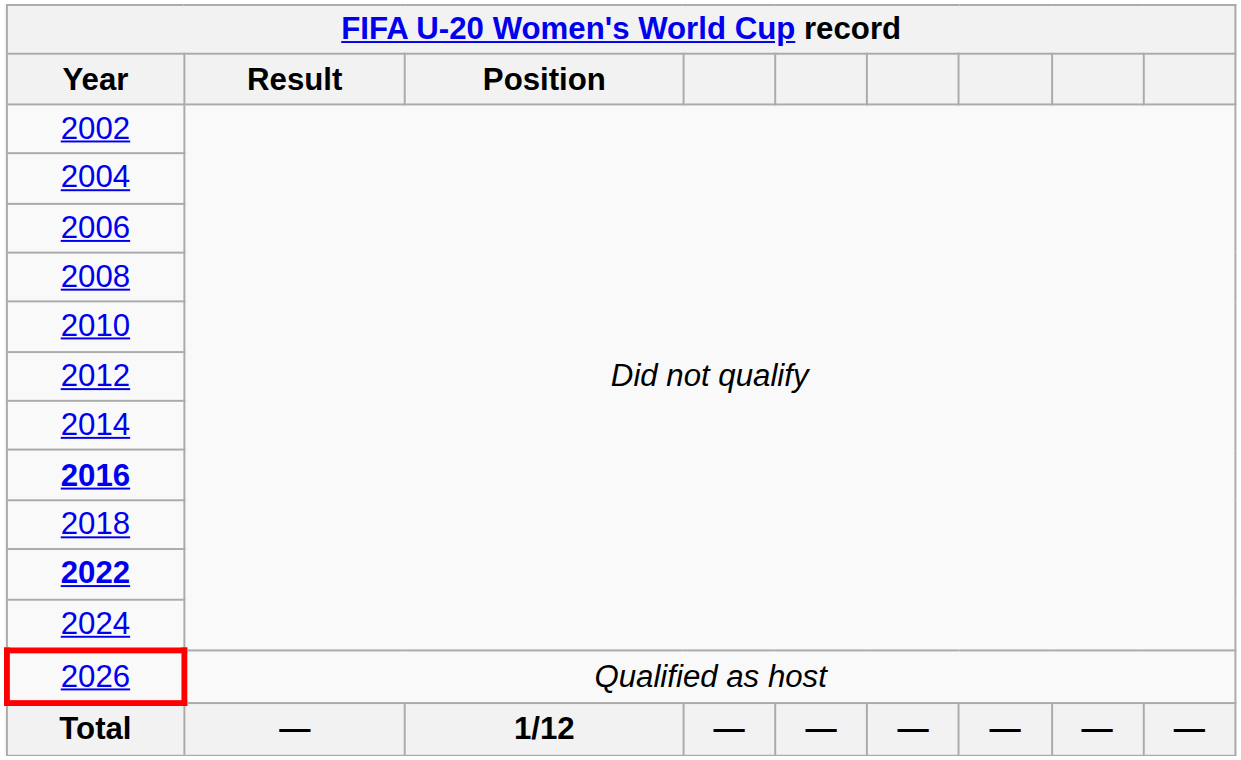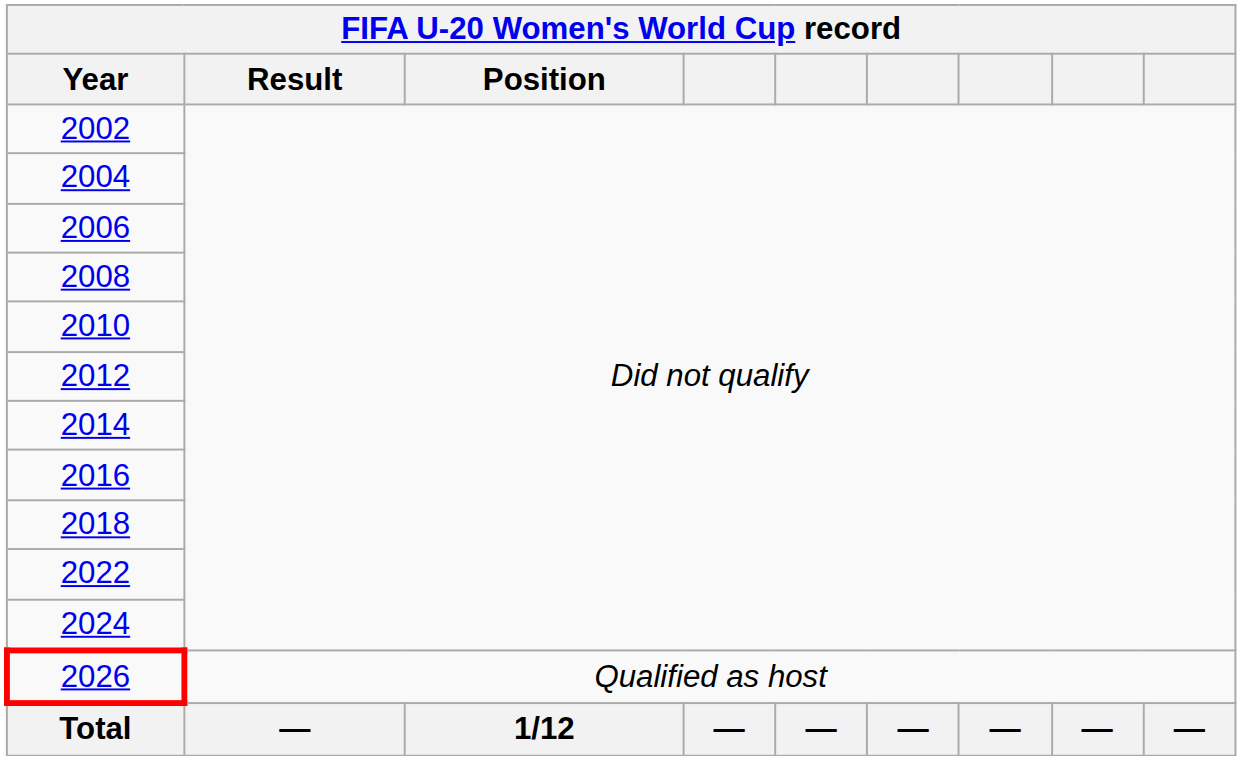 <table class="wikitable" style="text-align: center; width:50%;">
 <tr>
 <th colspan=9><a href='#'>FIFA U-20 Women's World Cup</a> record</th>
 </tr>
 <tr>
 <th>Year</th>
 <th>Result</th>
 <th>Position</th>
 <th></th>
 <th></th>
 <th></th>
 <th></th>
 <th></th>
 <th></th>
 </tr>
 <tr>
 <td> <a href='#'>2002</a></td>
 <td colspan=8 rowspan=11><em>Did not qualify</em></td>
 </tr>
 <tr>
 <td> <a href='#'>2004</a></td>
 </tr>
 <tr>
 <td> <a href='#'>2006</a></td>
 </tr>
 <tr>
 <td> <a href='#'>2008</a></td>
 </tr>
 <tr>
 <td> <a href='#'>2010</a></td>
 </tr>
 <tr>
 <td> <a href='#'>2012</a></td>
 </tr>
 <tr>
 <td> <a href='#'>2014</a></td>
 </tr>
 <tr>
-<td><strong> <a href='#'>2016</a></strong></td>
+<td> <a href='#'>2016</a></td>
 </tr>
 <tr>
 <td> <a href='#'>2018</a></td>
 </tr>
 <tr>
-<td><strong> <a href='#'>2022</a></strong></td>
+<td> <a href='#'>2022</a></td>
 </tr>
 <tr>
 <td> <a href='#'>2024</a></td>
 </tr>
 <tr>
 <td style="border: 3px solid red"> <a href='#'>2026</a></td>
 <td colspan=8><em>Qualified as host</em></td>
 </tr>
 <tr>
 <th>Total</th>
 <th>—</th>
 <th>1/12</th>
 <th>—</th>
 <th>—</th>
 <th>—</th>
 <th>—</th>
 <th>—</th>
 <th>—</th>
 </tr>
 </table>
